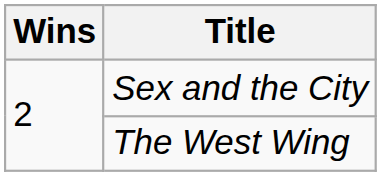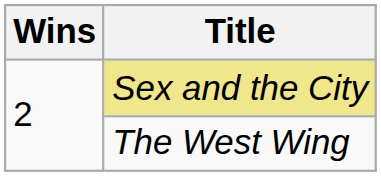 <table class="wikitable">
 <tr>
 <th>Wins</th>
 <th>Title</th>
 </tr>
 <tr>
 <td rowspan="2">2</td>
-<td><em>Sex and the City</em></td>
+<td style="background: khaki;"><em>Sex and the City</em></td>
 </tr>
 <tr>
 <td><em>The West Wing</em></td>
 </tr>
 </table>
